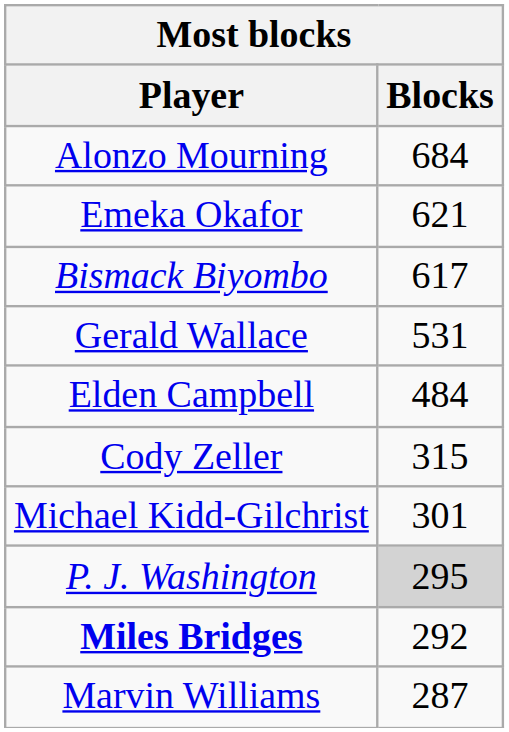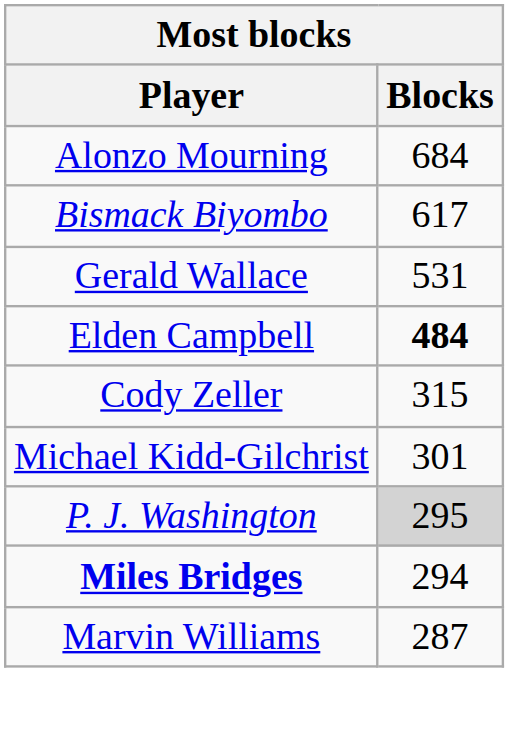 <table class="wikitable sortable" style="text-align:center">
 <tr>
 <th colspan="2" style="text-align:center; ">Most blocks</th>
 </tr>
 <tr>
 <th style="text-align:center; ">Player</th>
 <th style="text-align:center; ">Blocks</th>
 </tr>
 <tr>
 <td><a href='#'>Alonzo Mourning</a></td>
 <td>684</td>
 </tr>
 <tr>
-<td><a href='#'>Emeka Okafor</a></td>
-<td>621</td>
-</tr>
-<tr>
 <td><em><a href='#'>Bismack Biyombo</a></em></td>
 <td>617</td>
 </tr>
 <tr>
 <td><a href='#'>Gerald Wallace</a></td>
 <td>531</td>
 </tr>
 <tr>
 <td><a href='#'>Elden Campbell</a></td>
-<td>484</td>
+<td><strong>484</strong></td>
 </tr>
 <tr>
 <td><a href='#'>Cody Zeller</a></td>
 <td>315</td>
 </tr>
 <tr>
 <td><a href='#'>Michael Kidd-Gilchrist</a></td>
 <td>301</td>
 </tr>
 <tr>
 <td><em><a href='#'>P. J. Washington</a></em></td>
 <td style="background: lightgrey;">295</td>
 </tr>
 <tr>
 <td><strong><a href='#'>Miles Bridges</a></strong></td>
-<td>292</td>
+<td>294</td>
 </tr>
 <tr>
 <td><a href='#'>Marvin Williams</a></td>
 <td>287</td>
 </tr>
 </table>
